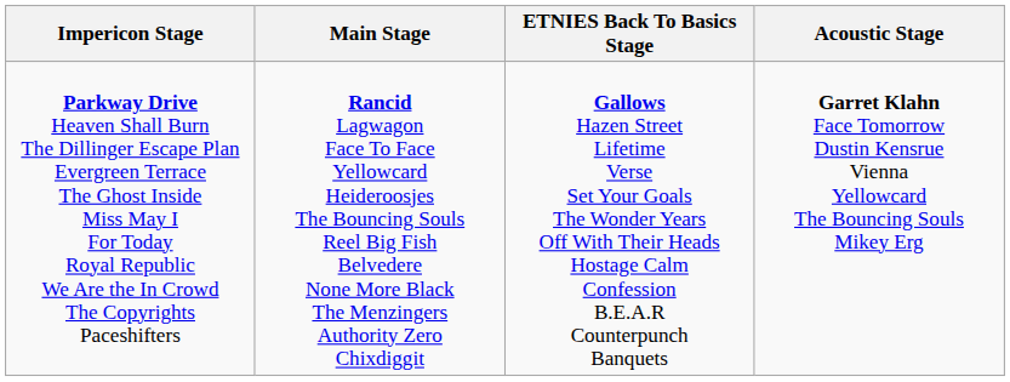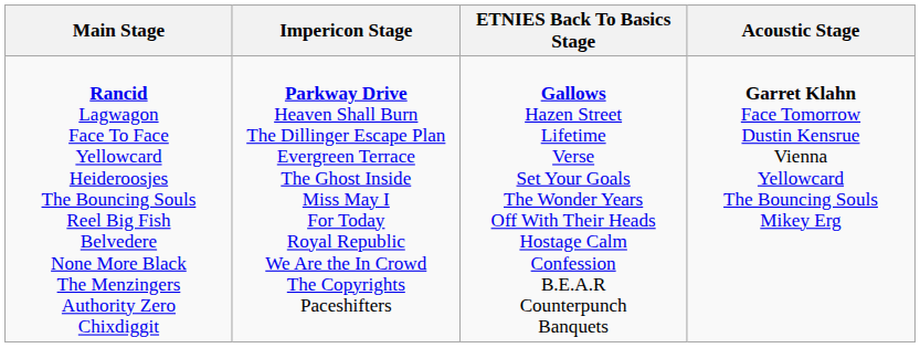 <table class="wikitable">
 <tr>
+<th>Main Stage</th>
 <th>Impericon Stage</th>
-<th>Main Stage</th>
 <th>ETNIES Back To Basics Stage</th>
 <th>Acoustic Stage</th>
 </tr>
 <tr>
+<td style="text-align:center; vertical-align:top; width:185px;"><br><strong><a href='#'>Rancid</a></strong> <br><a href='#'>Lagwagon</a> <br><a href='#'>Face To Face</a> <br><a href='#'>Yellowcard</a> <br><a href='#'>Heideroosjes</a> <br><a href='#'>The Bouncing Souls</a> <br><a href='#'>Reel Big Fish</a> <br><a href='#'>Belvedere</a> <br><a href='#'>None More Black</a> <br><a href='#'>The Menzingers</a> <br><a href='#'>Authority Zero</a> <br><a href='#'>Chixdiggit</a></td>
 <td style="text-align:center; vertical-align:top; width:185px;"><br><strong><a href='#'>Parkway Drive</a></strong> <br><a href='#'>Heaven Shall Burn</a> <br><a href='#'>The Dillinger Escape Plan</a> <br><a href='#'>Evergreen Terrace</a> <br><a href='#'>The Ghost Inside</a> <br><a href='#'>Miss May I</a> <br><a href='#'>For Today</a> <br><a href='#'>Royal Republic</a> <br><a href='#'>We Are the In Crowd</a> <br><a href='#'>The Copyrights</a> <br>Paceshifters</td>
-<td style="text-align:center; vertical-align:top; width:185px;"><br><strong><a href='#'>Rancid</a></strong> <br><a href='#'>Lagwagon</a> <br><a href='#'>Face To Face</a> <br><a href='#'>Yellowcard</a> <br><a href='#'>Heideroosjes</a> <br><a href='#'>The Bouncing Souls</a> <br><a href='#'>Reel Big Fish</a> <br><a href='#'>Belvedere</a> <br><a href='#'>None More Black</a> <br><a href='#'>The Menzingers</a> <br><a href='#'>Authority Zero</a> <br><a href='#'>Chixdiggit</a></td>
 <td style="text-align:center; vertical-align:top; width:185px;"><br><strong><a href='#'>Gallows</a></strong> <br><a href='#'>Hazen Street</a> <br><a href='#'>Lifetime</a> <br><a href='#'>Verse</a> <br><a href='#'>Set Your Goals</a> <br><a href='#'>The Wonder Years</a> <br><a href='#'>Off With Their Heads</a> <br><a href='#'>Hostage Calm</a> <br><a href='#'>Confession</a> <br>B.E.A.R <br>Counterpunch <br>Banquets</td>
 <td style="text-align:center; vertical-align:top; width:185px;"><br><strong>Garret Klahn</strong> <br><a href='#'>Face Tomorrow</a> <br><a href='#'>Dustin Kensrue</a> <br>Vienna <br><a href='#'>Yellowcard</a> <br><a href='#'>The Bouncing Souls</a> <br><a href='#'>Mikey Erg</a></td>
 </tr>
 </table>
